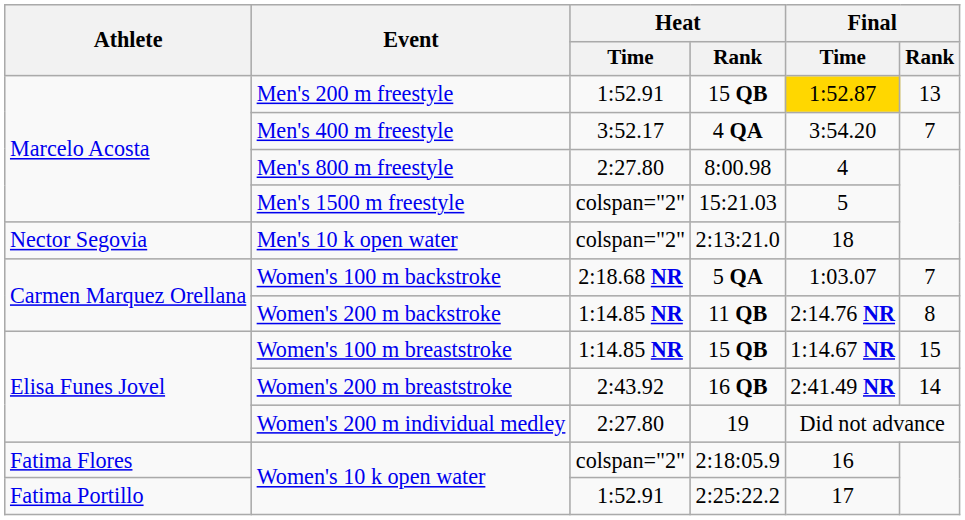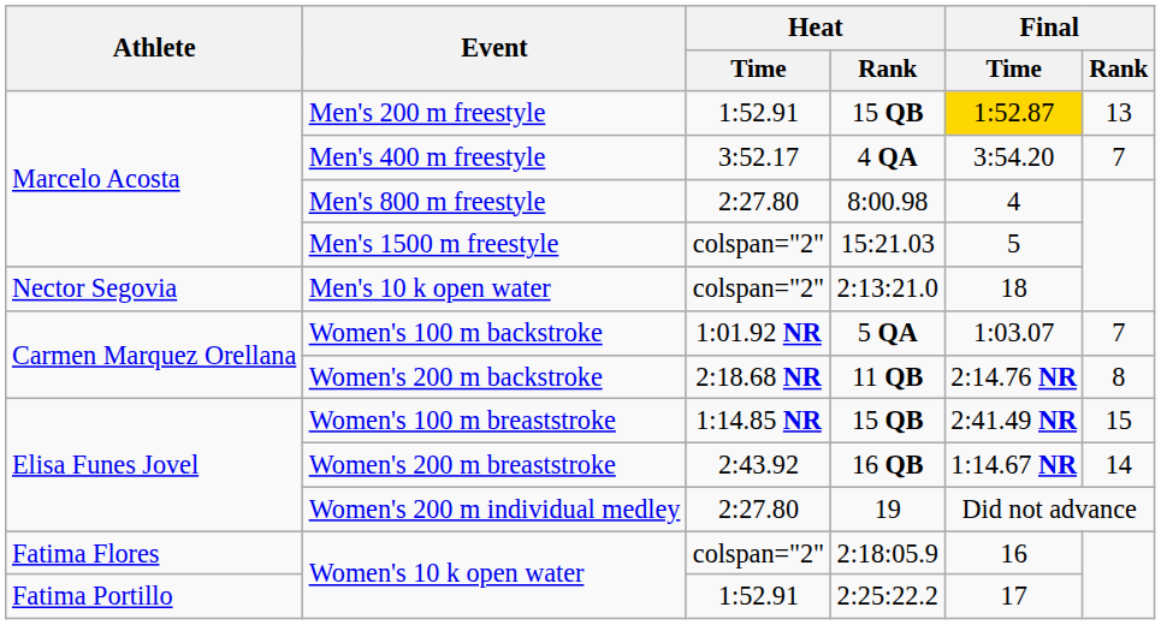 <table class=wikitable style="font-size:90%">
 <tr>
 <th rowspan="2">Athlete</th>
 <th rowspan="2">Event</th>
 <th colspan="2">Heat</th>
 <th colspan="2">Final</th>
 </tr>
 <tr style="font-size:95%">
 <th>Time</th>
 <th>Rank</th>
 <th>Time</th>
 <th>Rank</th>
 </tr>
 <tr align=center>
 <td align=left rowspan="4"><a href='#'>Marcelo Acosta</a></td>
 <td align=left><a href='#'>Men's 200 m freestyle</a></td>
 <td>1:52.91</td>
 <td>15 <strong>QB</strong></td>
 <td style="background: gold;">1:52.87</td>
 <td>13</td>
 </tr>
 <tr align=center>
 <td align=left><a href='#'>Men's 400 m freestyle</a></td>
 <td>3:52.17</td>
 <td>4 <strong>QA</strong></td>
 <td>3:54.20</td>
 <td>7</td>
 </tr>
 <tr align=center>
 <td align=left><a href='#'>Men's 800 m freestyle</a></td>
 <td>2:27.80</td>
 <td>8:00.98</td>
 <td>4</td>
 </tr>
 <tr align=center>
 <td align=left><a href='#'>Men's 1500 m freestyle</a></td>
 <td>colspan="2" </td>
 <td>15:21.03</td>
 <td>5</td>
 </tr>
 <tr align=center>
 <td align=left><a href='#'>Nector Segovia</a></td>
 <td align=left><a href='#'>Men's 10 k open water</a></td>
 <td>colspan="2" </td>
 <td>2:13:21.0</td>
 <td>18</td>
 </tr>
 <tr align=center>
 <td align=left rowspan="2"><a href='#'>Carmen Marquez Orellana</a></td>
 <td align=left><a href='#'>Women's 100 m backstroke</a></td>
-<td>2:18.68 <strong><a href='#'>NR</a></strong></td>
+<td>1:01.92 <strong><a href='#'>NR</a></strong></td>
 <td>5 <strong>QA</strong></td>
 <td>1:03.07</td>
 <td>7</td>
 </tr>
 <tr align=center>
 <td align=left><a href='#'>Women's 200 m backstroke</a></td>
-<td>1:14.85 <strong><a href='#'>NR</a></strong></td>
+<td>2:18.68 <strong><a href='#'>NR</a></strong></td>
 <td>11 <strong>QB</strong></td>
 <td>2:14.76 <strong><a href='#'>NR</a></strong></td>
 <td>8</td>
 </tr>
 <tr align=center>
 <td align=left rowspan="3"><a href='#'>Elisa Funes Jovel</a></td>
 <td align=left><a href='#'>Women's 100 m breaststroke</a></td>
 <td>1:14.85 <strong><a href='#'>NR</a></strong></td>
 <td>15 <strong>QB</strong></td>
-<td>1:14.67 <strong><a href='#'>NR</a></strong></td>
+<td>2:41.49 <strong><a href='#'>NR</a></strong></td>
 <td>15</td>
 </tr>
 <tr align=center>
 <td align=left><a href='#'>Women's 200 m breaststroke</a></td>
 <td>2:43.92</td>
 <td>16 <strong>QB</strong></td>
-<td>2:41.49 <strong><a href='#'>NR</a></strong></td>
+<td>1:14.67 <strong><a href='#'>NR</a></strong></td>
 <td>14</td>
 </tr>
 <tr align=center>
 <td align=left><a href='#'>Women's 200 m individual medley</a></td>
 <td>2:27.80</td>
 <td>19</td>
 <td colspan=2>Did not advance</td>
 </tr>
 <tr align=center>
 <td align=left><a href='#'>Fatima Flores</a></td>
 <td align=left rowspan=2><a href='#'>Women's 10 k open water</a></td>
 <td>colspan="2" </td>
 <td>2:18:05.9</td>
 <td>16</td>
 </tr>
 <tr align=center>
 <td align=left><a href='#'>Fatima Portillo</a></td>
 <td>1:52.91</td>
 <td>2:25:22.2</td>
 <td>17</td>
 </tr>
 </table>
